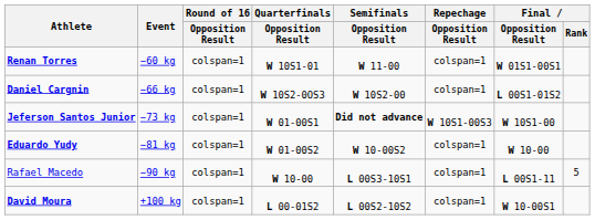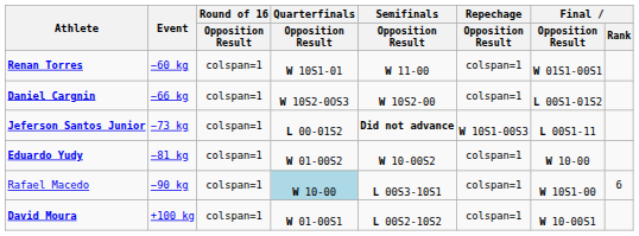 <table class="wikitable" style="font-size:90%">
 <tr>
 <th rowspan=2>Athlete</th>
 <th rowspan=2>Event</th>
 <th>Round of 16</th>
 <th>Quarterfinals</th>
 <th>Semifinals</th>
 <th>Repechage</th>
 <th colspan=2>Final / </th>
 </tr>
 <tr style="font-size:95%">
 <th>Opposition<br>Result</th>
 <th>Opposition<br>Result</th>
 <th>Opposition<br>Result</th>
 <th>Opposition<br>Result</th>
 <th>Opposition<br>Result</th>
 <th>Rank</th>
 </tr>
 <tr align=center>
 <td align=left><strong><a href='#'>Renan Torres</a></strong></td>
 <td align=left><a href='#'>−60 kg</a></td>
 <td>colspan=1 </td>
 <td><br><strong>W</strong> 10S1-01</td>
 <td><br><strong>W</strong> 11-00</td>
 <td>colspan=1 </td>
 <td><br><strong>W</strong> 01S1-00S1</td>
 <td></td>
 </tr>
 <tr align=center>
 <td align=left><strong><a href='#'>Daniel Cargnin</a></strong></td>
 <td align=left><a href='#'>−66 kg</a></td>
 <td>colspan=1 </td>
 <td><br><strong>W</strong> 10S2-0OS3</td>
 <td><br><strong>W</strong> 10S2-00</td>
 <td>colspan=1 </td>
 <td><br><strong>L</strong> 00S1-01S2</td>
 <td></td>
 </tr>
 <tr align=center>
 <td align=left><strong><a href='#'>Jeferson Santos Junior</a></strong></td>
 <td align=left><a href='#'>−73 kg</a></td>
 <td>colspan=1 </td>
-<td><br><strong>W</strong> 01-00S1</td>
+<td><br><strong>L</strong> 00-01S2</td>
 <td><strong>Did not advance</strong></td>
 <td><br><strong>W</strong> 10S1-00S3</td>
-<td><br><strong>W</strong> 10S1-00</td>
+<td><br><strong>L</strong> 00S1-11</td>
 <td></td>
 </tr>
 <tr align=center>
 <td align=left><strong><a href='#'>Eduardo Yudy</a></strong></td>
 <td align=left><a href='#'>−81 kg</a></td>
 <td>colspan=1 </td>
 <td><br><strong>W</strong> 01-00S2</td>
 <td><br><strong>W</strong> 10-00S2</td>
 <td>colspan=1 </td>
 <td><br><strong>W</strong> 10-00</td>
 <td></td>
 </tr>
 <tr align=center>
 <td align=left><a href='#'>Rafael Macedo</a></td>
 <td align=left><a href='#'>−90 kg</a></td>
 <td>colspan=1 </td>
-<td><br><strong>W</strong> 10-00</td>
+<td style="background: lightblue;"><br><strong>W</strong> 10-00</td>
 <td><br><strong>L</strong> 00S3-10S1</td>
 <td>colspan=1 </td>
-<td><br><strong>L</strong> 00S1-11</td>
-<td>5</td>
+<td><br><strong>W</strong> 10S1-00</td>
+<td>6</td>
 </tr>
 <tr align=center>
 <td align=left><strong><a href='#'>David Moura</a></strong></td>
 <td align=left><a href='#'>+100 kg</a></td>
 <td>colspan=1 </td>
-<td><br><strong>L</strong> 00-01S2</td>
+<td><br><strong>W</strong> 01-00S1</td>
 <td><br><strong>L</strong> 00S2-10S2</td>
 <td>colspan=1 </td>
 <td><br><strong>W</strong> 10-00S1</td>
 <td></td>
 </tr>
 </table>
